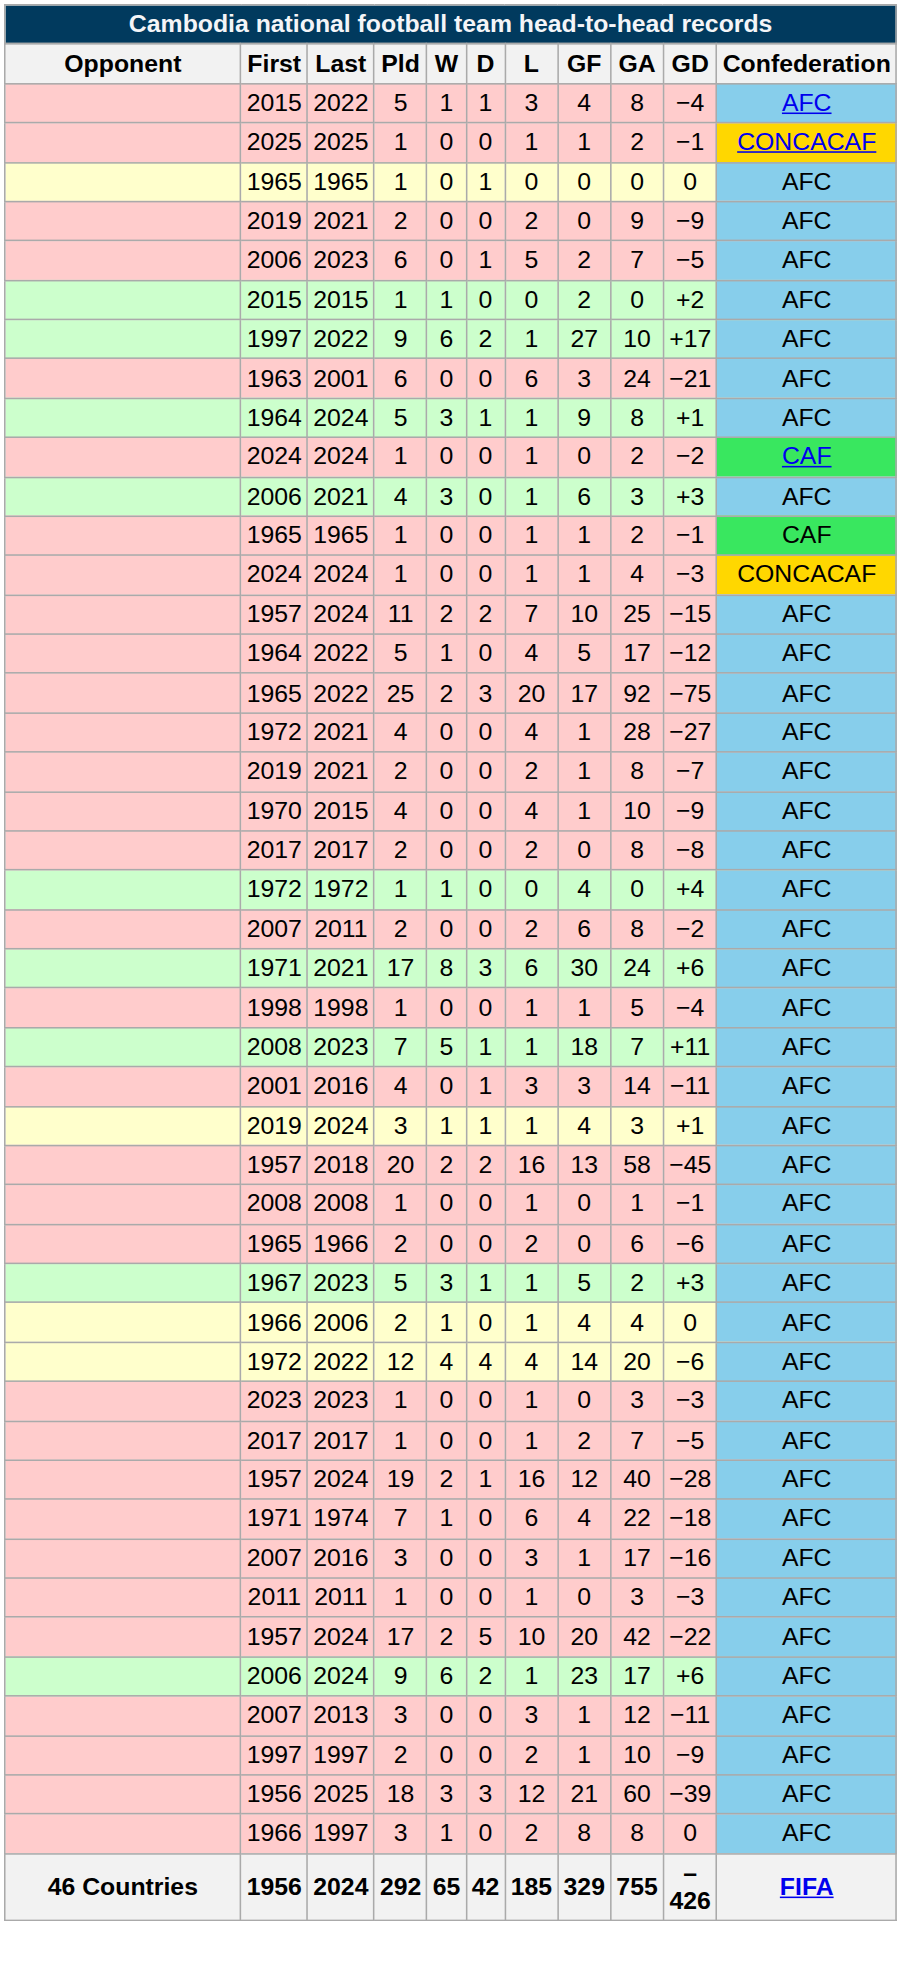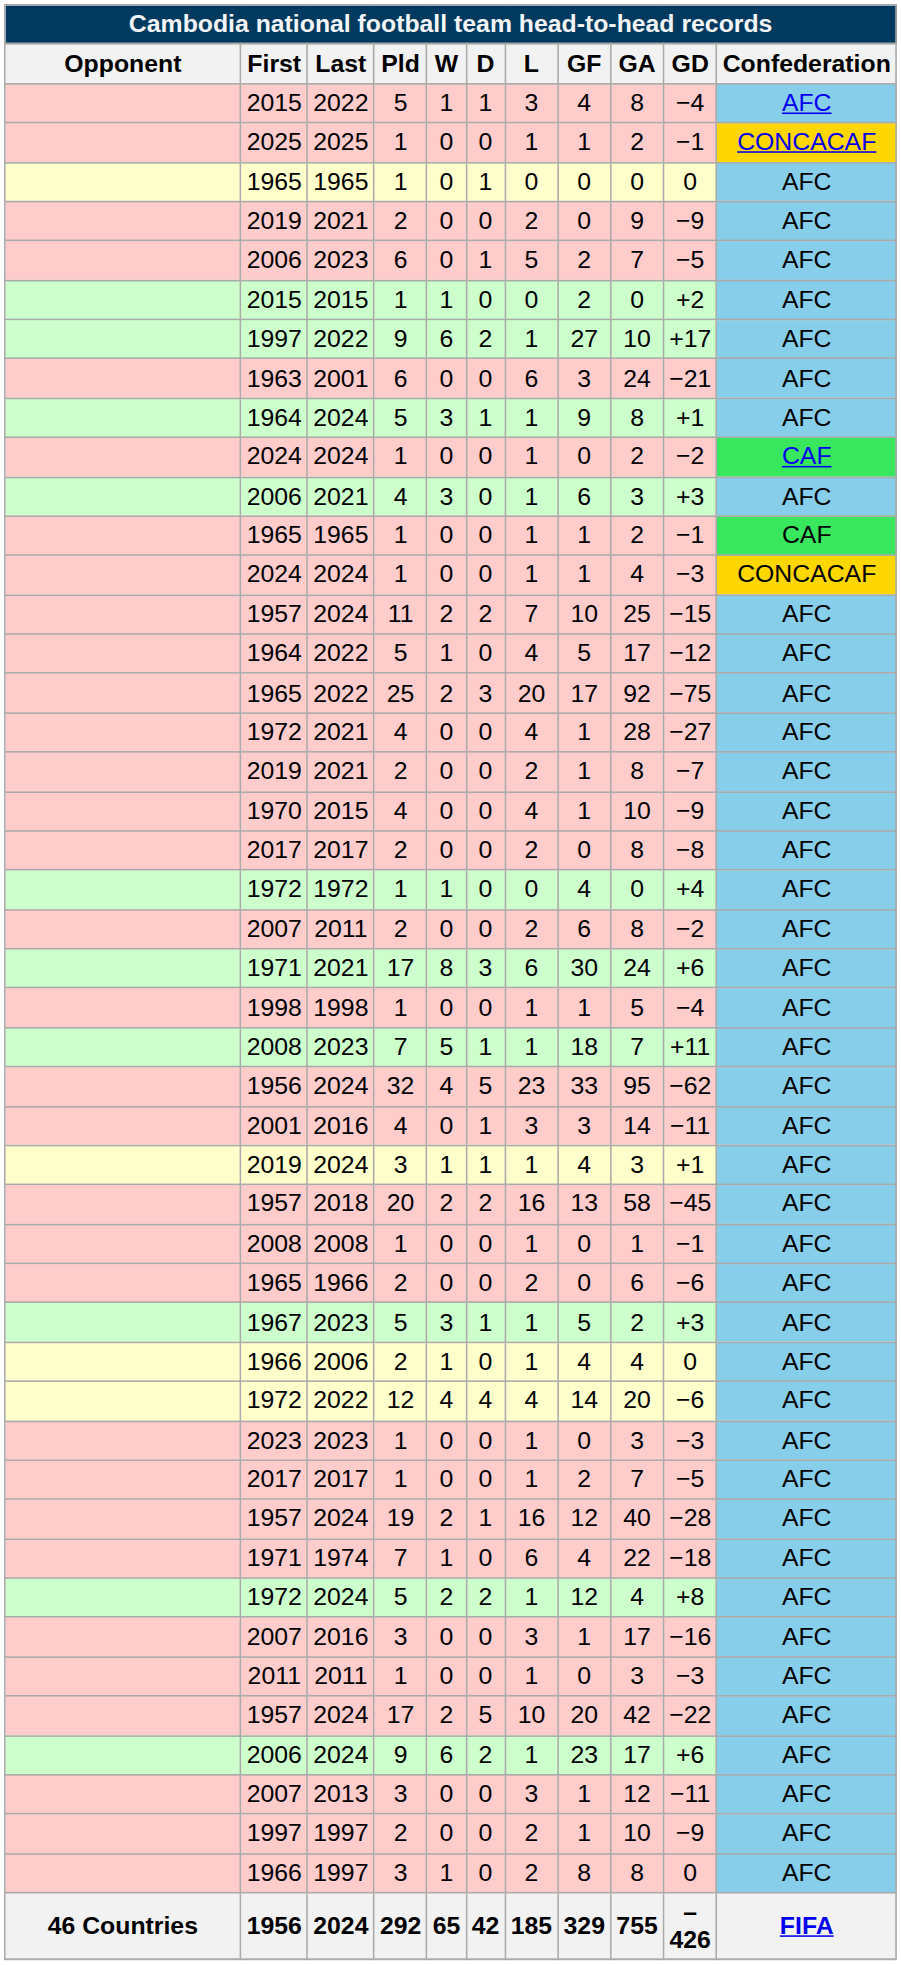 <table class="wikitable sortable" style="text-align:center">
 <tr>
 <th colspan=11 style="background: #013A5E; color: #F4F5F8;">Cambodia national football team head-to-head records</th>
 </tr>
 <tr>
 </tr>
 <tr style="color:black;">
 <th style="width:145px;">Opponent</th>
 <th style="width:1px;">First</th>
 <th style="width:1px;">Last</th>
 <th style="width:1px;">Pld</th>
 <th style="width:1px;">W</th>
 <th style="width:1px;">D</th>
 <th style="width:1px;">L</th>
 <th style="width:1px;">GF</th>
 <th style="width:1px;">GA</th>
 <th style="width:1px;">GD</th>
 <th style="width:1px;">Confederation</th>
 </tr>
 <tr style="background:#fcc;">
 <td style="text-align:left;"></td>
 <td>2015</td>
 <td>2022</td>
 <td>5</td>
 <td>1</td>
 <td>1</td>
 <td>3</td>
 <td>4</td>
 <td>8</td>
 <td>−4</td>
 <td style="background:skyBlue;"><a href='#'>AFC</a></td>
 </tr>
 <tr style="background:#fcc;">
 <td style="text-align:left;"></td>
 <td>2025</td>
 <td>2025</td>
 <td>1</td>
 <td>0</td>
 <td>0</td>
 <td>1</td>
 <td>1</td>
 <td>2</td>
 <td>−1</td>
 <td bgcolor=#ffd700><a href='#'>CONCACAF</a></td>
 </tr>
 <tr style="background:#ffc;">
 <td style="text-align:left;"></td>
 <td>1965</td>
 <td>1965</td>
 <td>1</td>
 <td>0</td>
 <td>1</td>
 <td>0</td>
 <td>0</td>
 <td>0</td>
 <td>0</td>
 <td style="background:skyBlue;">AFC</td>
 </tr>
 <tr style="background:#fcc;">
 <td style="text-align:left;"></td>
 <td>2019</td>
 <td>2021</td>
 <td>2</td>
 <td>0</td>
 <td>0</td>
 <td>2</td>
 <td>0</td>
 <td>9</td>
 <td>−9</td>
 <td style="background:skyBlue;">AFC</td>
 </tr>
 <tr style="background:#fcc;">
 <td style="text-align:left;"></td>
 <td>2006</td>
 <td>2023</td>
 <td>6</td>
 <td>0</td>
 <td>1</td>
 <td>5</td>
 <td>2</td>
 <td>7</td>
 <td>−5</td>
 <td style="background:skyBlue;">AFC</td>
 </tr>
 <tr style="background:#cfc;">
 <td style="text-align:left;"></td>
 <td>2015</td>
 <td>2015</td>
 <td>1</td>
 <td>1</td>
 <td>0</td>
 <td>0</td>
 <td>2</td>
 <td>0</td>
 <td>+2</td>
 <td style="background:skyBlue;">AFC</td>
 </tr>
 <tr style="background:#cfc;">
 <td style="text-align:left;"></td>
 <td>1997</td>
 <td>2022</td>
 <td>9</td>
 <td>6</td>
 <td>2</td>
 <td>1</td>
 <td>27</td>
 <td>10</td>
 <td>+17</td>
 <td style="background:skyBlue;">AFC</td>
 </tr>
 <tr style="background:#fcc;">
 <td style="text-align:left;"></td>
 <td>1963</td>
 <td>2001</td>
 <td>6</td>
 <td>0</td>
 <td>0</td>
 <td>6</td>
 <td>3</td>
 <td>24</td>
 <td>−21</td>
 <td style="background:skyBlue;">AFC</td>
 </tr>
 <tr style="background:#cfc;">
 <td style="text-align:left;"></td>
 <td>1964</td>
 <td>2024</td>
 <td>5</td>
 <td>3</td>
 <td>1</td>
 <td>1</td>
 <td>9</td>
 <td>8</td>
 <td>+1</td>
 <td style="background:skyBlue;">AFC</td>
 </tr>
 <tr style="background:#fcc;">
 <td style="text-align:left;"></td>
 <td>2024</td>
 <td>2024</td>
 <td>1</td>
 <td>0</td>
 <td>0</td>
 <td>1</td>
 <td>0</td>
 <td>2</td>
 <td>−2</td>
 <td bgcolor=#39e75f><a href='#'>CAF</a></td>
 </tr>
 <tr style="background:#cfc;">
 <td style="text-align:left;"></td>
 <td>2006</td>
 <td>2021</td>
 <td>4</td>
 <td>3</td>
 <td>0</td>
 <td>1</td>
 <td>6</td>
 <td>3</td>
 <td>+3</td>
 <td style="background:skyBlue;">AFC</td>
 </tr>
 <tr style="background:#fcc;">
 <td style="text-align:left;"></td>
 <td>1965</td>
 <td>1965</td>
 <td>1</td>
 <td>0</td>
 <td>0</td>
 <td>1</td>
 <td>1</td>
 <td>2</td>
 <td>−1</td>
 <td bgcolor=#39e75f>CAF</td>
 </tr>
 <tr style="background:#fcc;">
 <td style="text-align:left;"></td>
 <td>2024</td>
 <td>2024</td>
 <td>1</td>
 <td>0</td>
 <td>0</td>
 <td>1</td>
 <td>1</td>
 <td>4</td>
 <td>−3</td>
 <td bgcolor=#ffd700>CONCACAF</td>
 </tr>
 <tr style="background:#fcc;">
 <td style="text-align:left;"></td>
 <td>1957</td>
 <td>2024</td>
 <td>11</td>
 <td>2</td>
 <td>2</td>
 <td>7</td>
 <td>10</td>
 <td>25</td>
 <td>−15</td>
 <td style="background:skyBlue;">AFC</td>
 </tr>
 <tr style="background:#fcc;">
 <td style="text-align:left;"></td>
 <td>1964</td>
 <td>2022</td>
 <td>5</td>
 <td>1</td>
 <td>0</td>
 <td>4</td>
 <td>5</td>
 <td>17</td>
 <td>−12</td>
 <td style="background:skyBlue;">AFC</td>
 </tr>
 <tr style="background:#fcc;">
 <td style="text-align:left;"></td>
 <td>1965</td>
 <td>2022</td>
 <td>25</td>
 <td>2</td>
 <td>3</td>
 <td>20</td>
 <td>17</td>
 <td>92</td>
 <td>−75</td>
 <td style="background:skyBlue;">AFC</td>
 </tr>
 <tr style="background:#fcc;">
 <td style="text-align:left;"></td>
 <td>1972</td>
 <td>2021</td>
 <td>4</td>
 <td>0</td>
 <td>0</td>
 <td>4</td>
 <td>1</td>
 <td>28</td>
 <td>−27</td>
 <td style="background:skyBlue;">AFC</td>
 </tr>
 <tr style="background:#fcc;">
 <td style="text-align:left;"></td>
 <td>2019</td>
 <td>2021</td>
 <td>2</td>
 <td>0</td>
 <td>0</td>
 <td>2</td>
 <td>1</td>
 <td>8</td>
 <td>−7</td>
 <td style="background:skyBlue;">AFC</td>
 </tr>
 <tr style="background:#fcc;">
 <td style="text-align:left;"></td>
 <td>1970</td>
 <td>2015</td>
 <td>4</td>
 <td>0</td>
 <td>0</td>
 <td>4</td>
 <td>1</td>
 <td>10</td>
 <td>−9</td>
 <td style="background:skyBlue;">AFC</td>
 </tr>
 <tr style="background:#fcc;">
 <td style="text-align:left;"></td>
 <td>2017</td>
 <td>2017</td>
 <td>2</td>
 <td>0</td>
 <td>0</td>
 <td>2</td>
 <td>0</td>
 <td>8</td>
 <td>−8</td>
 <td style="background:skyBlue;">AFC</td>
 </tr>
 <tr style="background:#cfc;">
 <td style="text-align:left;"></td>
 <td>1972</td>
 <td>1972</td>
 <td>1</td>
 <td>1</td>
 <td>0</td>
 <td>0</td>
 <td>4</td>
 <td>0</td>
 <td>+4</td>
 <td style="background:skyBlue;">AFC</td>
 </tr>
 <tr style="background:#fcc;">
 <td style="text-align:left;"></td>
 <td>2007</td>
 <td>2011</td>
 <td>2</td>
 <td>0</td>
 <td>0</td>
 <td>2</td>
 <td>6</td>
 <td>8</td>
 <td>−2</td>
 <td style="background:skyBlue;">AFC</td>
 </tr>
 <tr style="background:#cfc;">
 <td style="text-align:left;"></td>
 <td>1971</td>
 <td>2021</td>
 <td>17</td>
 <td>8</td>
 <td>3</td>
 <td>6</td>
 <td>30</td>
 <td>24</td>
 <td>+6</td>
 <td style="background:skyBlue;">AFC</td>
 </tr>
 <tr style="background:#fcc;">
 <td style="text-align:left;"></td>
 <td>1998</td>
 <td>1998</td>
 <td>1</td>
 <td>0</td>
 <td>0</td>
 <td>1</td>
 <td>1</td>
 <td>5</td>
 <td>−4</td>
 <td style="background:skyBlue;">AFC</td>
 </tr>
 <tr style="background:#cfc;">
 <td style="text-align:left;"></td>
 <td>2008</td>
 <td>2023</td>
 <td>7</td>
 <td>5</td>
 <td>1</td>
 <td>1</td>
 <td>18</td>
 <td>7</td>
 <td>+11</td>
 <td style="background:skyBlue;">AFC</td>
 </tr>
 <tr style="background:#fcc;">
 <td style="text-align:left;"></td>
+<td>1956</td>
+<td>2024</td>
+<td>32</td>
+<td>4</td>
+<td>5</td>
+<td>23</td>
+<td>33</td>
+<td>95</td>
+<td>−62</td>
+<td style="background:skyBlue;">AFC</td>
+</tr>
+<tr style="background:#fcc;">
+<td style="text-align:left;"></td>
 <td>2001</td>
 <td>2016</td>
 <td>4</td>
 <td>0</td>
 <td>1</td>
 <td>3</td>
 <td>3</td>
 <td>14</td>
 <td>−11</td>
 <td style="background:skyBlue;">AFC</td>
 </tr>
 <tr style="background:#ffc;">
 <td style="text-align:left;"></td>
 <td>2019</td>
 <td>2024</td>
 <td>3</td>
 <td>1</td>
 <td>1</td>
 <td>1</td>
 <td>4</td>
 <td>3</td>
 <td>+1</td>
 <td style="background:skyBlue;">AFC</td>
 </tr>
 <tr style="background:#fcc;">
 <td style="text-align:left;"></td>
 <td>1957</td>
 <td>2018</td>
 <td>20</td>
 <td>2</td>
 <td>2</td>
 <td>16</td>
 <td>13</td>
 <td>58</td>
 <td>−45</td>
 <td style="background:skyBlue;">AFC</td>
 </tr>
 <tr style="background:#fcc;">
 <td style="text-align:left;"></td>
 <td>2008</td>
 <td>2008</td>
 <td>1</td>
 <td>0</td>
 <td>0</td>
 <td>1</td>
 <td>0</td>
 <td>1</td>
 <td>−1</td>
 <td style="background:skyBlue;">AFC</td>
 </tr>
 <tr style="background:#fcc;">
 <td style="text-align:left;"></td>
 <td>1965</td>
 <td>1966</td>
 <td>2</td>
 <td>0</td>
 <td>0</td>
 <td>2</td>
 <td>0</td>
 <td>6</td>
 <td>−6</td>
 <td style="background:skyBlue;">AFC</td>
 </tr>
 <tr style="background:#cfc;">
 <td style="text-align:left;"></td>
 <td>1967</td>
 <td>2023</td>
 <td>5</td>
 <td>3</td>
 <td>1</td>
 <td>1</td>
 <td>5</td>
 <td>2</td>
 <td>+3</td>
 <td style="background:skyBlue;">AFC</td>
 </tr>
 <tr style="background:#ffc;">
 <td style="text-align:left;"></td>
 <td>1966</td>
 <td>2006</td>
 <td>2</td>
 <td>1</td>
 <td>0</td>
 <td>1</td>
 <td>4</td>
 <td>4</td>
 <td>0</td>
 <td style="background:skyBlue;">AFC</td>
 </tr>
 <tr style="background:#ffc;">
 <td style="text-align:left;"></td>
 <td>1972</td>
 <td>2022</td>
 <td>12</td>
 <td>4</td>
 <td>4</td>
 <td>4</td>
 <td>14</td>
 <td>20</td>
 <td>−6</td>
 <td style="background:skyBlue;">AFC</td>
 </tr>
 <tr style="background:#fcc;">
 <td style="text-align:left;"></td>
 <td>2023</td>
 <td>2023</td>
 <td>1</td>
 <td>0</td>
 <td>0</td>
 <td>1</td>
 <td>0</td>
 <td>3</td>
 <td>−3</td>
 <td style="background:skyBlue;">AFC</td>
 </tr>
 <tr style="background:#fcc;">
 <td style="text-align:left;"></td>
 <td>2017</td>
 <td>2017</td>
 <td>1</td>
 <td>0</td>
 <td>0</td>
 <td>1</td>
 <td>2</td>
 <td>7</td>
 <td>−5</td>
 <td style="background:skyBlue;">AFC</td>
 </tr>
 <tr style="background:#fcc;">
 <td style="text-align:left;"></td>
 <td>1957</td>
 <td>2024</td>
 <td>19</td>
 <td>2</td>
 <td>1</td>
 <td>16</td>
 <td>12</td>
 <td>40</td>
 <td>−28</td>
 <td style="background:skyBlue;">AFC</td>
 </tr>
 <tr style="background:#fcc;">
 <td style="text-align:left;"></td>
 <td>1971</td>
 <td>1974</td>
 <td>7</td>
 <td>1</td>
 <td>0</td>
 <td>6</td>
 <td>4</td>
 <td>22</td>
 <td>−18</td>
 <td style="background:skyBlue;">AFC</td>
 </tr>
+<tr style="background:#cfc;">
+<td style="text-align:left;"></td>
+<td>1972</td>
+<td>2024</td>
+<td>5</td>
+<td>2</td>
+<td>2</td>
+<td>1</td>
+<td>12</td>
+<td>4</td>
+<td>+8</td>
+<td style="background:skyBlue;">AFC</td>
+</tr>
 <tr style="background:#fcc;">
 <td style="text-align:left;"></td>
 <td>2007</td>
 <td>2016</td>
 <td>3</td>
 <td>0</td>
 <td>0</td>
 <td>3</td>
 <td>1</td>
 <td>17</td>
 <td>−16</td>
 <td style="background:skyBlue;">AFC</td>
 </tr>
 <tr style="background:#fcc;">
 <td style="text-align:left;"></td>
 <td>2011</td>
 <td>2011</td>
 <td>1</td>
 <td>0</td>
 <td>0</td>
 <td>1</td>
 <td>0</td>
 <td>3</td>
 <td>−3</td>
 <td style="background:skyBlue;">AFC</td>
 </tr>
 <tr style="background:#fcc;">
 <td style="text-align:left;"></td>
 <td>1957</td>
 <td>2024</td>
 <td>17</td>
 <td>2</td>
 <td>5</td>
 <td>10</td>
 <td>20</td>
 <td>42</td>
 <td>−22</td>
 <td style="background:skyBlue;">AFC</td>
 </tr>
 <tr style="background:#cfc;">
 <td style="text-align:left;"></td>
 <td>2006</td>
 <td>2024</td>
 <td>9</td>
 <td>6</td>
 <td>2</td>
 <td>1</td>
 <td>23</td>
 <td>17</td>
 <td>+6</td>
 <td style="background:skyBlue;">AFC</td>
 </tr>
 <tr style="background:#fcc;">
 <td style="text-align:left;"></td>
 <td>2007</td>
 <td>2013</td>
 <td>3</td>
 <td>0</td>
 <td>0</td>
 <td>3</td>
 <td>1</td>
 <td>12</td>
 <td>−11</td>
 <td style="background:skyBlue;">AFC</td>
 </tr>
 <tr style="background:#fcc;">
 <td style="text-align:left;"></td>
 <td>1997</td>
 <td>1997</td>
 <td>2</td>
 <td>0</td>
 <td>0</td>
 <td>2</td>
 <td>1</td>
 <td>10</td>
 <td>−9</td>
 <td style="background:skyBlue;">AFC</td>
 </tr>
 <tr style="background:#fcc;">
 <td style="text-align:left;"></td>
-<td>1956</td>
-<td>2025</td>
-<td>18</td>
-<td>3</td>
-<td>3</td>
-<td>12</td>
-<td>21</td>
-<td>60</td>
-<td>−39</td>
-<td style="background:skyBlue;">AFC</td>
-</tr>
-<tr style="background:#fcc;">
-<td style="text-align:left;"></td>
 <td>1966</td>
 <td>1997</td>
 <td>3</td>
 <td>1</td>
 <td>0</td>
 <td>2</td>
 <td>8</td>
 <td>8</td>
 <td>0</td>
 <td style="background:skyBlue;">AFC</td>
 </tr>
 <tr>
 <th align=left>46 Countries</th>
 <th>1956</th>
 <th>2024</th>
 <th>292</th>
 <th>65</th>
 <th>42</th>
 <th>185</th>
 <th>329</th>
 <th>755</th>
 <th>–426</th>
 <th><a href='#'>FIFA</a></th>
 </tr>
 <tr>
 </tr>
 </table>
